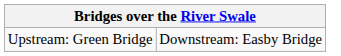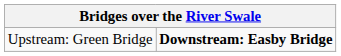 <table class="wikitable">
 <tr>
 <th colspan=2>Bridges over the <a href='#'>River Swale</a></th>
 </tr>
 <tr>
 <td>Upstream: Green Bridge</td>
-<td>Downstream: Easby Bridge</td>
+<td><strong>Downstream: Easby Bridge</strong></td>
 </tr>
 </table>
